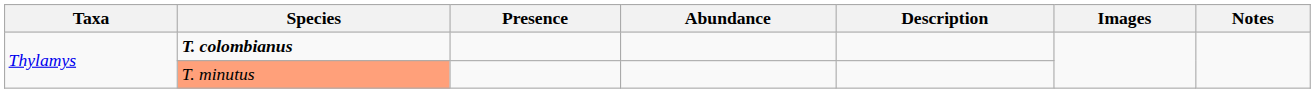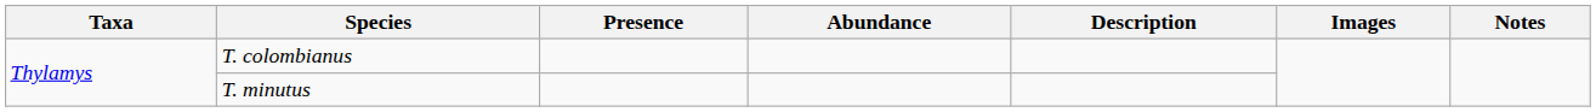 <table class="wikitable sortable" align="center" width="75%">
 <tr>
 <th>Taxa</th>
 <th>Species</th>
 <th>Presence</th>
 <th>Abundance</th>
 <th>Description</th>
 <th>Images</th>
 <th>Notes</th>
 </tr>
 <tr>
 <td rowspan = "2"><em><a href='#'>Thylamys</a></em></td>
-<td><strong><em>T. colombianus</em></strong></td>
+<td><em>T. colombianus</em></td>
 <td></td>
 <td></td>
 <td></td>
 <td rowspan=2></td>
 <td rowspan=2></td>
 </tr>
 <tr>
-<td style="background: lightsalmon;"><em>T. minutus</em></td>
+<td><em>T. minutus</em></td>
 <td></td>
 <td></td>
 <td></td>
 </tr>
 </table>
